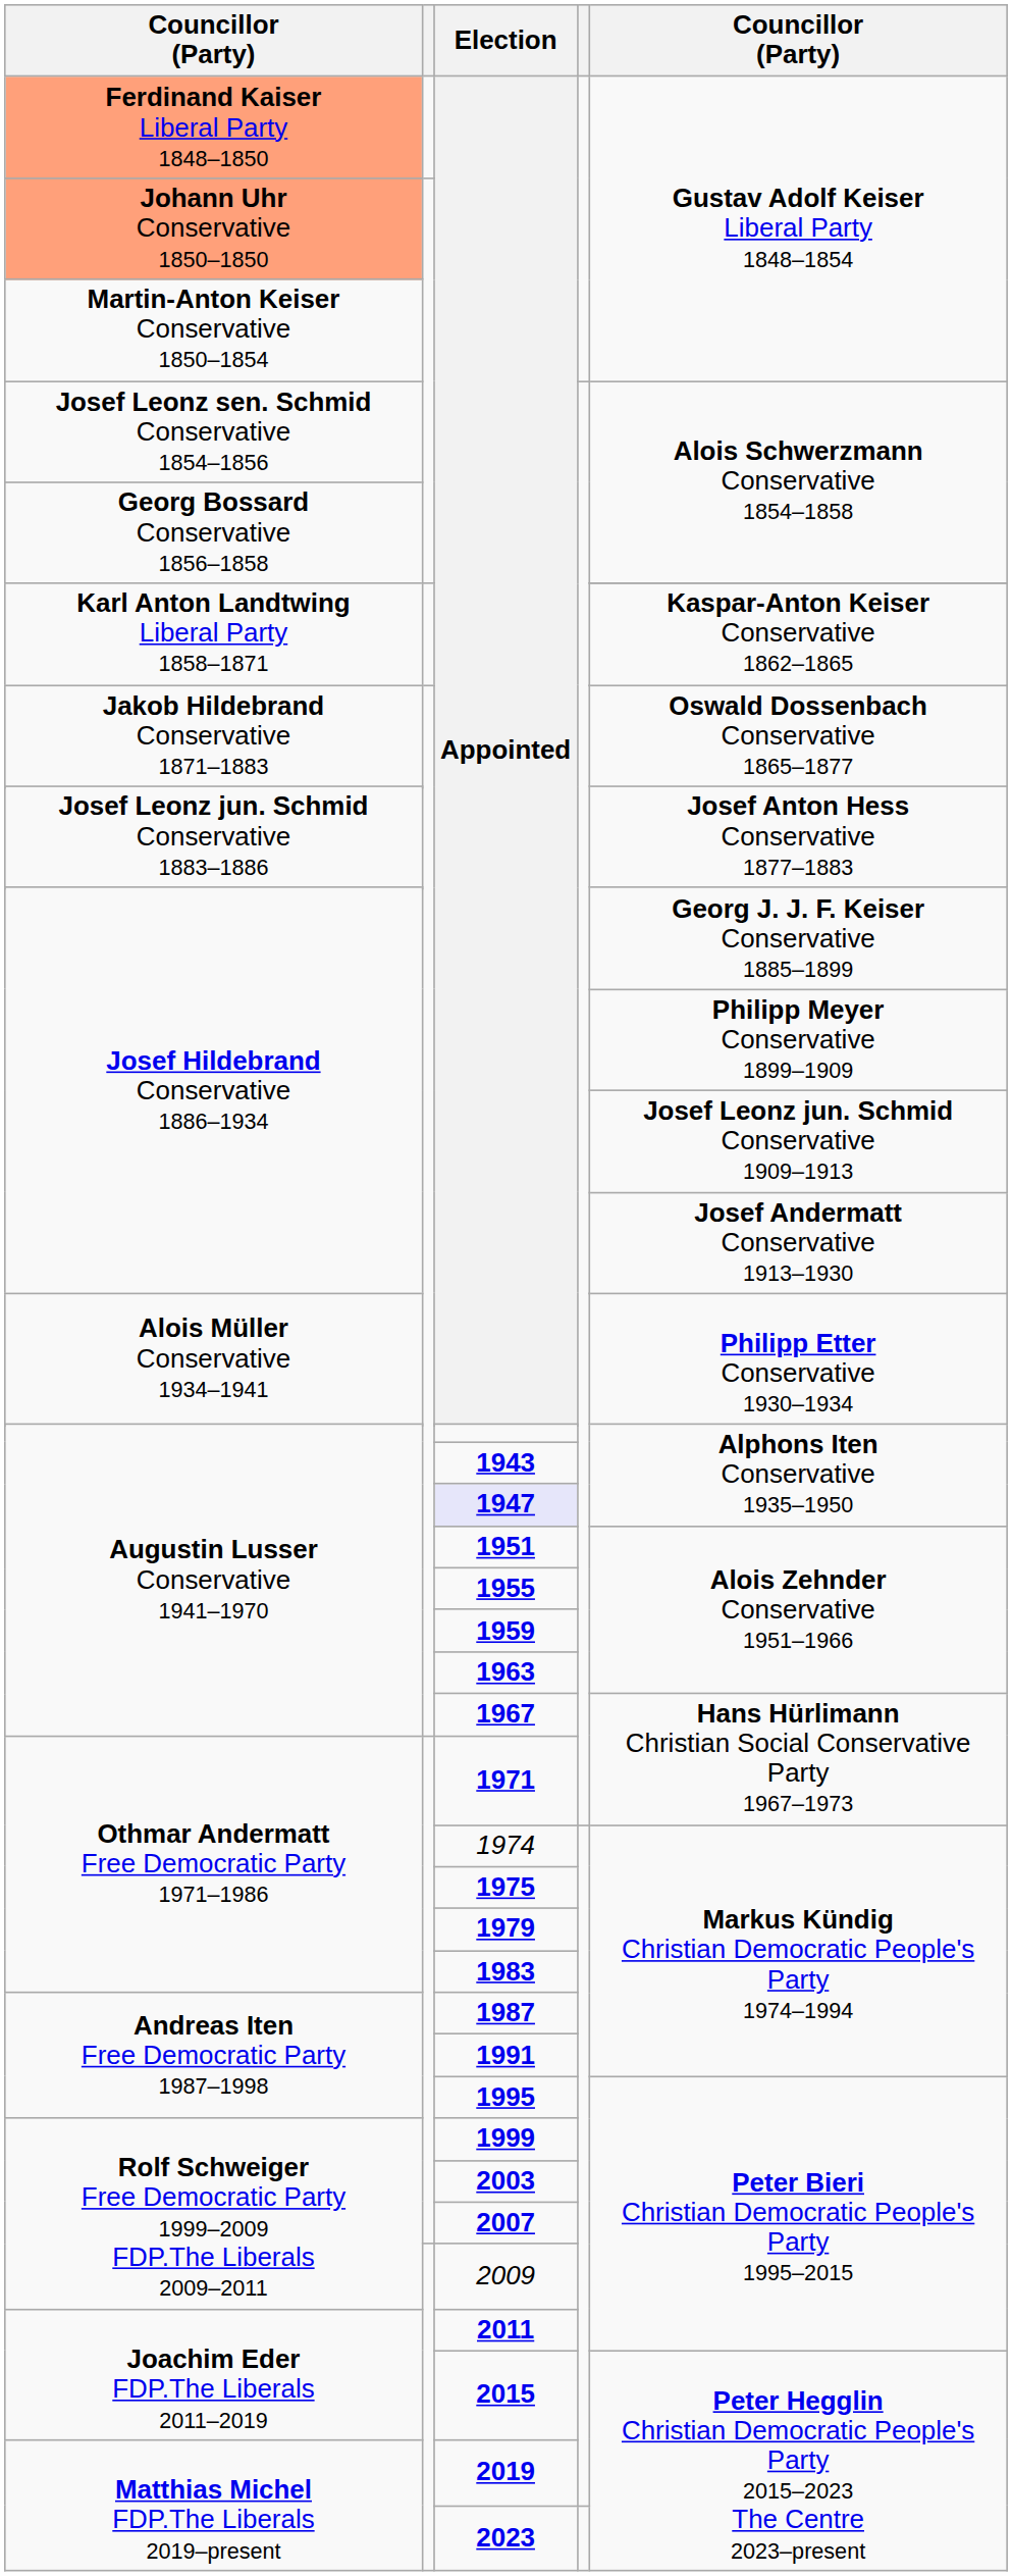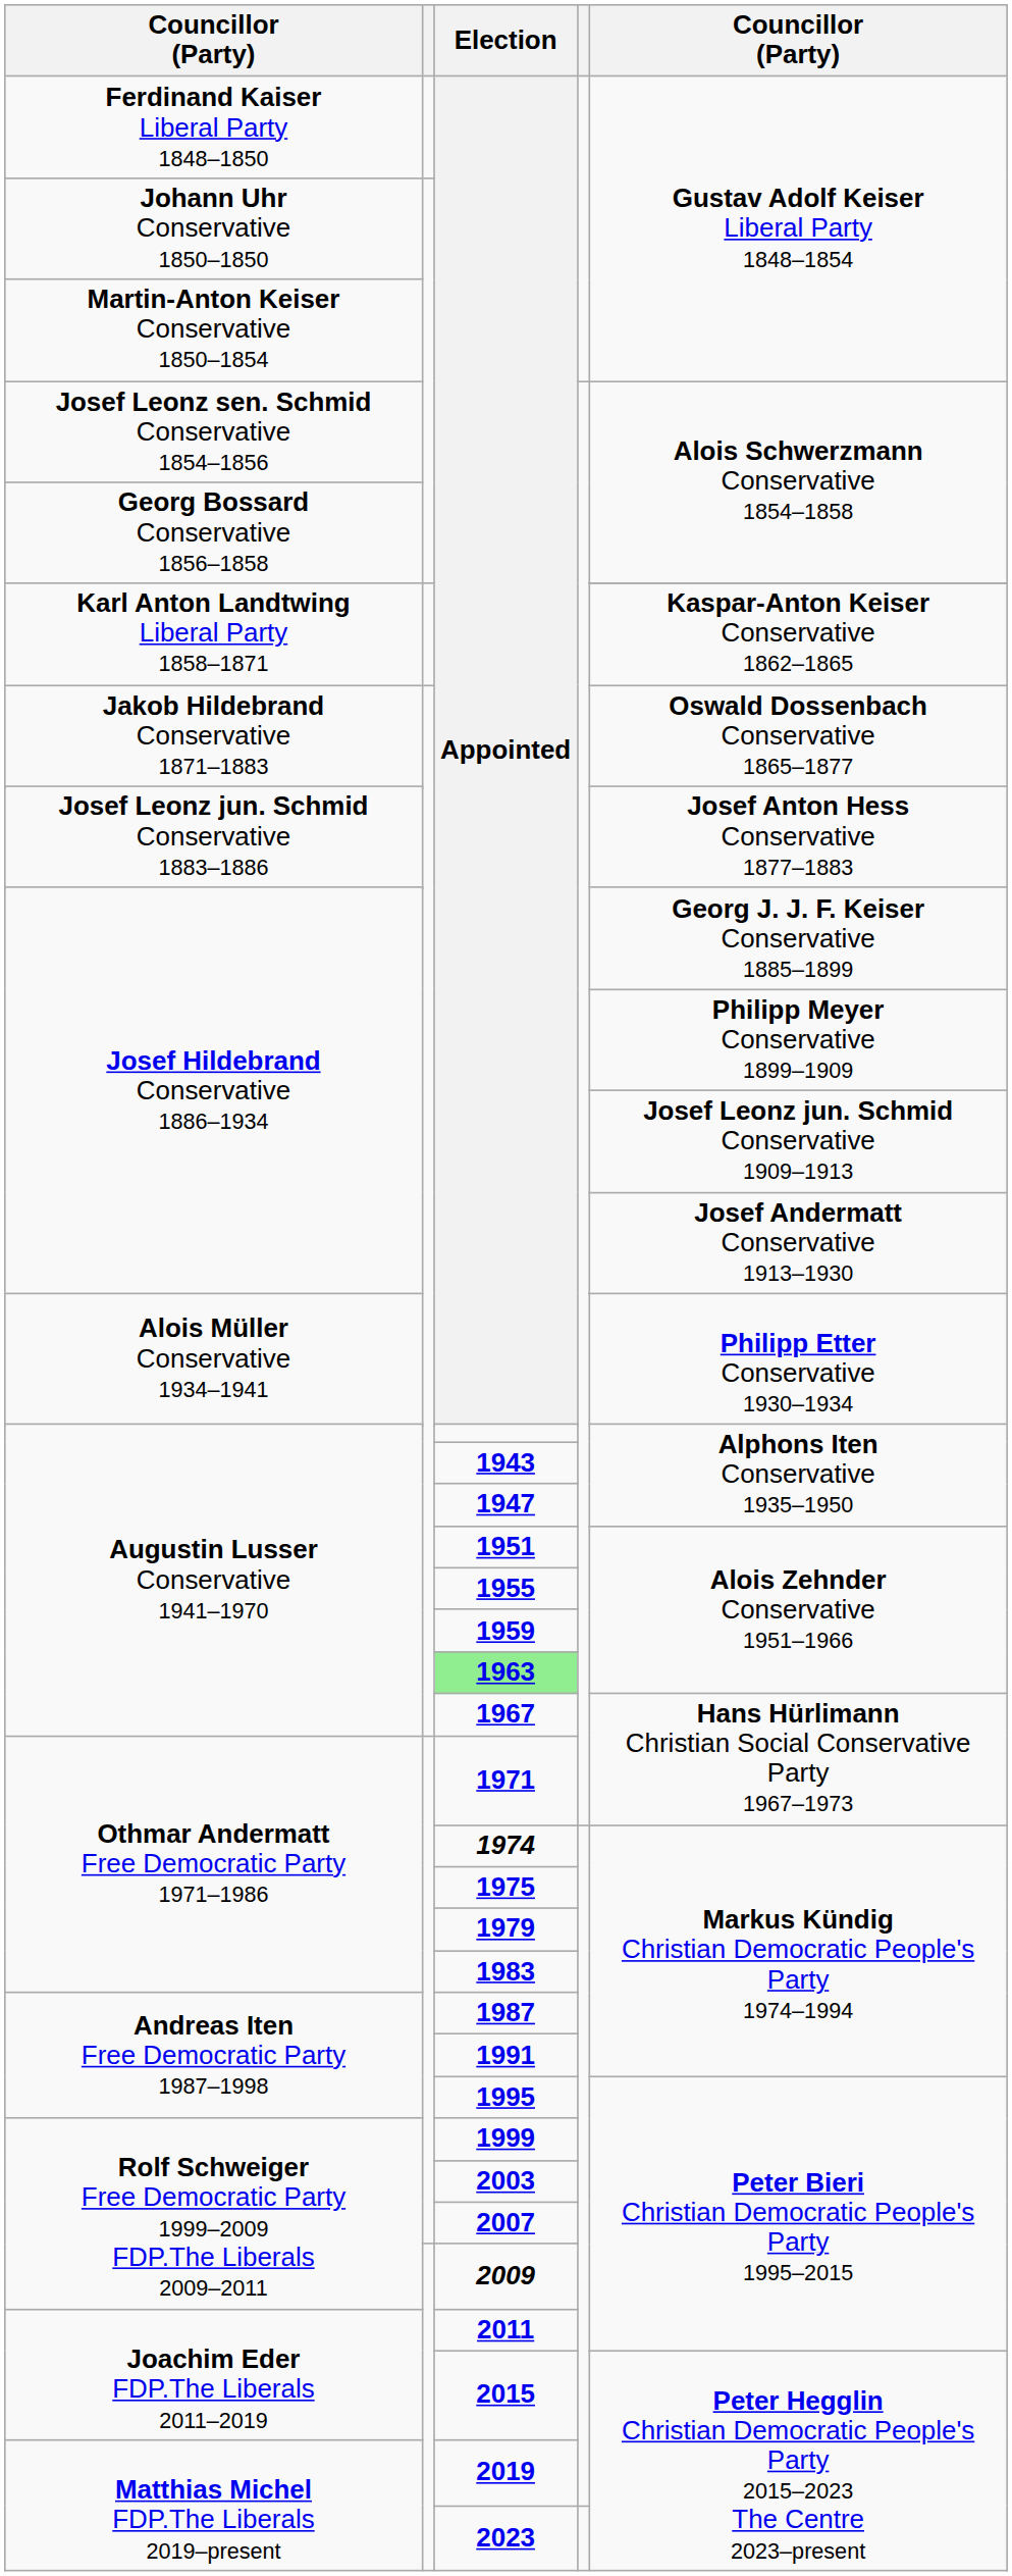 <table class="wikitable" style="text-align:center">
 <tr>
 <th scope="col" width="250" colspan = "1">Councillor<br> (Party)</th>
 <th></th>
 <th>Election</th>
 <th></th>
 <th scope="col" width="250" colspan = "1">Councillor<br> (Party)</th>
 </tr>
 <tr>
-<td rowspan=1 style="background: lightsalmon;"><strong>Ferdinand Kaiser</strong><br><a href='#'>Liberal Party</a><br><small>1848–1850</small></td>
+<td rowspan=1><strong>Ferdinand Kaiser</strong><br><a href='#'>Liberal Party</a><br><small>1848–1850</small></td>
 <td rowspan=1; style="background-color: "></td>
 <th rowspan=19>Appointed</th>
 <td rowspan=3; style="background-color: "></td>
 <td rowspan=3><strong>Gustav Adolf Keiser</strong><br><a href='#'>Liberal Party</a><br><small>1848–1854</small></td>
 </tr>
 <tr>
-<td rowspan=1 style="background: lightsalmon;"><strong>Johann Uhr</strong><br>Conservative<br><small>1850–1850</small></td>
+<td rowspan=1><strong>Johann Uhr</strong><br>Conservative<br><small>1850–1850</small></td>
 <td rowspan=4; style="background-color: "></td>
 </tr>
 <tr>
 <td rowspan=1><strong>Martin-Anton Keiser</strong><br>Conservative<br><small>1850–1854</small></td>
 </tr>
 <tr>
 <td rowspan=1><strong>Josef Leonz sen. Schmid</strong><br>Conservative<br><small>1854–1856</small></td>
 <td rowspan=25; style="background-color: "></td>
 <td rowspan=2><strong>Alois Schwerzmann</strong><br>Conservative<br><small>1854–1858</small></td>
 </tr>
 <tr>
 <td rowspan=1><strong>Georg Bossard</strong><br>Conservative<br><small>1856–1858</small></td>
 </tr>
 <tr>
 <td rowspan=3><strong>Karl Anton Landtwing</strong><br><a href='#'>Liberal Party</a><br><small>1858–1871</small></td>
 <td rowspan=3; style="background-color: "></td>
 </tr>
 <tr>
 <td rowspan=1><strong>Kaspar-Anton Keiser</strong><br>Conservative<br><small>1862–1865</small></td>
 </tr>
 <tr>
 <td rowspan=2><strong>Oswald Dossenbach</strong><br>Conservative<br><small>1865–1877</small></td>
 </tr>
 <tr>
 <td rowspan=2><strong>Jakob Hildebrand</strong><br>Conservative<br><small>1871–1883</small></td>
 <td rowspan=19; style="background-color: "></td>
 </tr>
 <tr>
 <td rowspan=2><strong>Josef Anton Hess</strong><br>Conservative<br><small>1877–1883</small></td>
 </tr>
 <tr>
 <td rowspan=2><strong>Josef Leonz jun. Schmid</strong><br>Conservative<br><small>1883–1886</small></td>
 </tr>
 <tr>
 <td rowspan=2><strong>Georg J. J. F. Keiser</strong><br>Conservative<br><small>1885–1899</small></td>
 </tr>
 <tr>
 <td rowspan=5><strong><a href='#'>Josef Hildebrand</a></strong><br>Conservative<br><small>1886–1934</small></td>
 </tr>
 <tr>
 <td rowspan=1><strong>Philipp Meyer</strong><br>Conservative<br><small>1899–1909</small></td>
 </tr>
 <tr>
 <td rowspan=1><strong>Josef Leonz jun. Schmid</strong><br>Conservative<br><small>1909–1913</small></td>
 </tr>
 <tr>
 <td rowspan=1><strong>Josef Andermatt</strong><br>Conservative<br><small>1913–1930</small></td>
 </tr>
 <tr>
 <td rowspan=2><br><strong><a href='#'>Philipp Etter</a></strong><br>Conservative<br><small>1930–1934</small></td>
 </tr>
 <tr>
 <td rowspan=2><strong>Alois Müller</strong><br>Conservative<br><small>1934–1941</small></td>
 </tr>
 <tr>
 <td rowspan=4><strong>Alphons Iten</strong><br>Conservative<br><small>1935–1950</small></td>
 </tr>
 <tr>
 <td rowspan=8><strong>Augustin Lusser</strong><br>Conservative<br><small>1941–1970</small></td>
 </tr>
 <tr>
 <td><strong><a href='#'>1943</a></strong></td>
 </tr>
 <tr>
-<td style="background: lavender;"><strong><a href='#'>1947</a></strong></td>
+<td><strong><a href='#'>1947</a></strong></td>
 </tr>
 <tr>
 <td><strong><a href='#'>1951</a></strong></td>
 <td rowspan=4><strong>Alois Zehnder</strong><br>Conservative<br><small>1951–1966</small></td>
 </tr>
 <tr>
 <td><strong><a href='#'>1955</a></strong></td>
 </tr>
 <tr>
 <td><strong><a href='#'>1959</a></strong></td>
 </tr>
 <tr>
-<td><strong><a href='#'>1963</a></strong></td>
+<td style="background: lightgreen;"><strong><a href='#'>1963</a></strong></td>
 </tr>
 <tr>
 <td><strong><a href='#'>1967</a></strong></td>
 <td rowspan=2><strong>Hans Hürlimann</strong><br>Christian Social Conservative Party<br><small>1967–1973</small></td>
 </tr>
 <tr>
 <td rowspan=5><strong>Othmar Andermatt</strong><br><a href='#'>Free Democratic Party</a><br><small>1971–1986</small></td>
 <td rowspan=11; style="background-color: "></td>
 <td><strong><a href='#'>1971</a></strong></td>
 </tr>
 <tr>
-<td><em>1974</em></td>
+<td><strong><em>1974</em></strong></td>
 <td rowspan=14; style="background-color: "></td>
 <td rowspan=6><br><strong>Markus Kündig</strong><br><a href='#'>Christian Democratic People's Party</a><br><small>1974–1994</small></td>
 </tr>
 <tr>
 <td><strong><a href='#'>1975</a></strong></td>
 </tr>
 <tr>
 <td><strong><a href='#'>1979</a></strong></td>
 </tr>
 <tr>
 <td><strong><a href='#'>1983</a></strong></td>
 </tr>
 <tr>
 <td rowspan=3><strong>Andreas Iten</strong><br><a href='#'>Free Democratic Party</a><br><small>1987–1998</small></td>
 <td><strong><a href='#'>1987</a></strong></td>
 </tr>
 <tr>
 <td><strong><a href='#'>1991</a></strong></td>
 </tr>
 <tr>
 <td><strong><a href='#'>1995</a></strong></td>
 <td rowspan=6><br><strong><a href='#'>Peter Bieri</a></strong><br><a href='#'>Christian Democratic People's Party</a><br><small>1995–2015</small></td>
 </tr>
 <tr>
 <td rowspan=4><br><strong>Rolf Schweiger</strong><br><a href='#'>Free Democratic Party</a><br><small>1999–2009</small><br><a href='#'>FDP.The Liberals</a><br><small>2009–2011</small></td>
 <td><strong><a href='#'>1999</a></strong></td>
 </tr>
 <tr>
 <td><strong><a href='#'>2003</a></strong></td>
 </tr>
 <tr>
 <td><strong><a href='#'>2007</a></strong></td>
 </tr>
 <tr>
 <td rowspan=5; style="background-color: "></td>
-<td><em>2009</em></td>
+<td><strong><em>2009</em></strong></td>
 </tr>
 <tr>
 <td rowspan=2><br><strong>Joachim Eder</strong><br><a href='#'>FDP.The Liberals</a><br><small>2011–2019</small></td>
 <td><strong><a href='#'>2011</a></strong></td>
 </tr>
 <tr>
 <td><strong><a href='#'>2015</a></strong></td>
 <td rowspan=3><strong><br><a href='#'>Peter Hegglin</a></strong><br><a href='#'>Christian Democratic People's Party</a><br><small>2015–2023</small><br><a href='#'>The Centre</a><br><small>2023–present</small></td>
 </tr>
 <tr>
 <td rowspan=2><br><strong><a href='#'>Matthias Michel</a></strong><br><a href='#'>FDP.The Liberals</a><br><small>2019–present</small></td>
 <td><strong><a href='#'>2019</a></strong></td>
 </tr>
 <tr>
 <td><strong><a href='#'>2023</a></strong></td>
 <td rowspan=1; style="background-color: "></td>
 </tr>
 </table>
